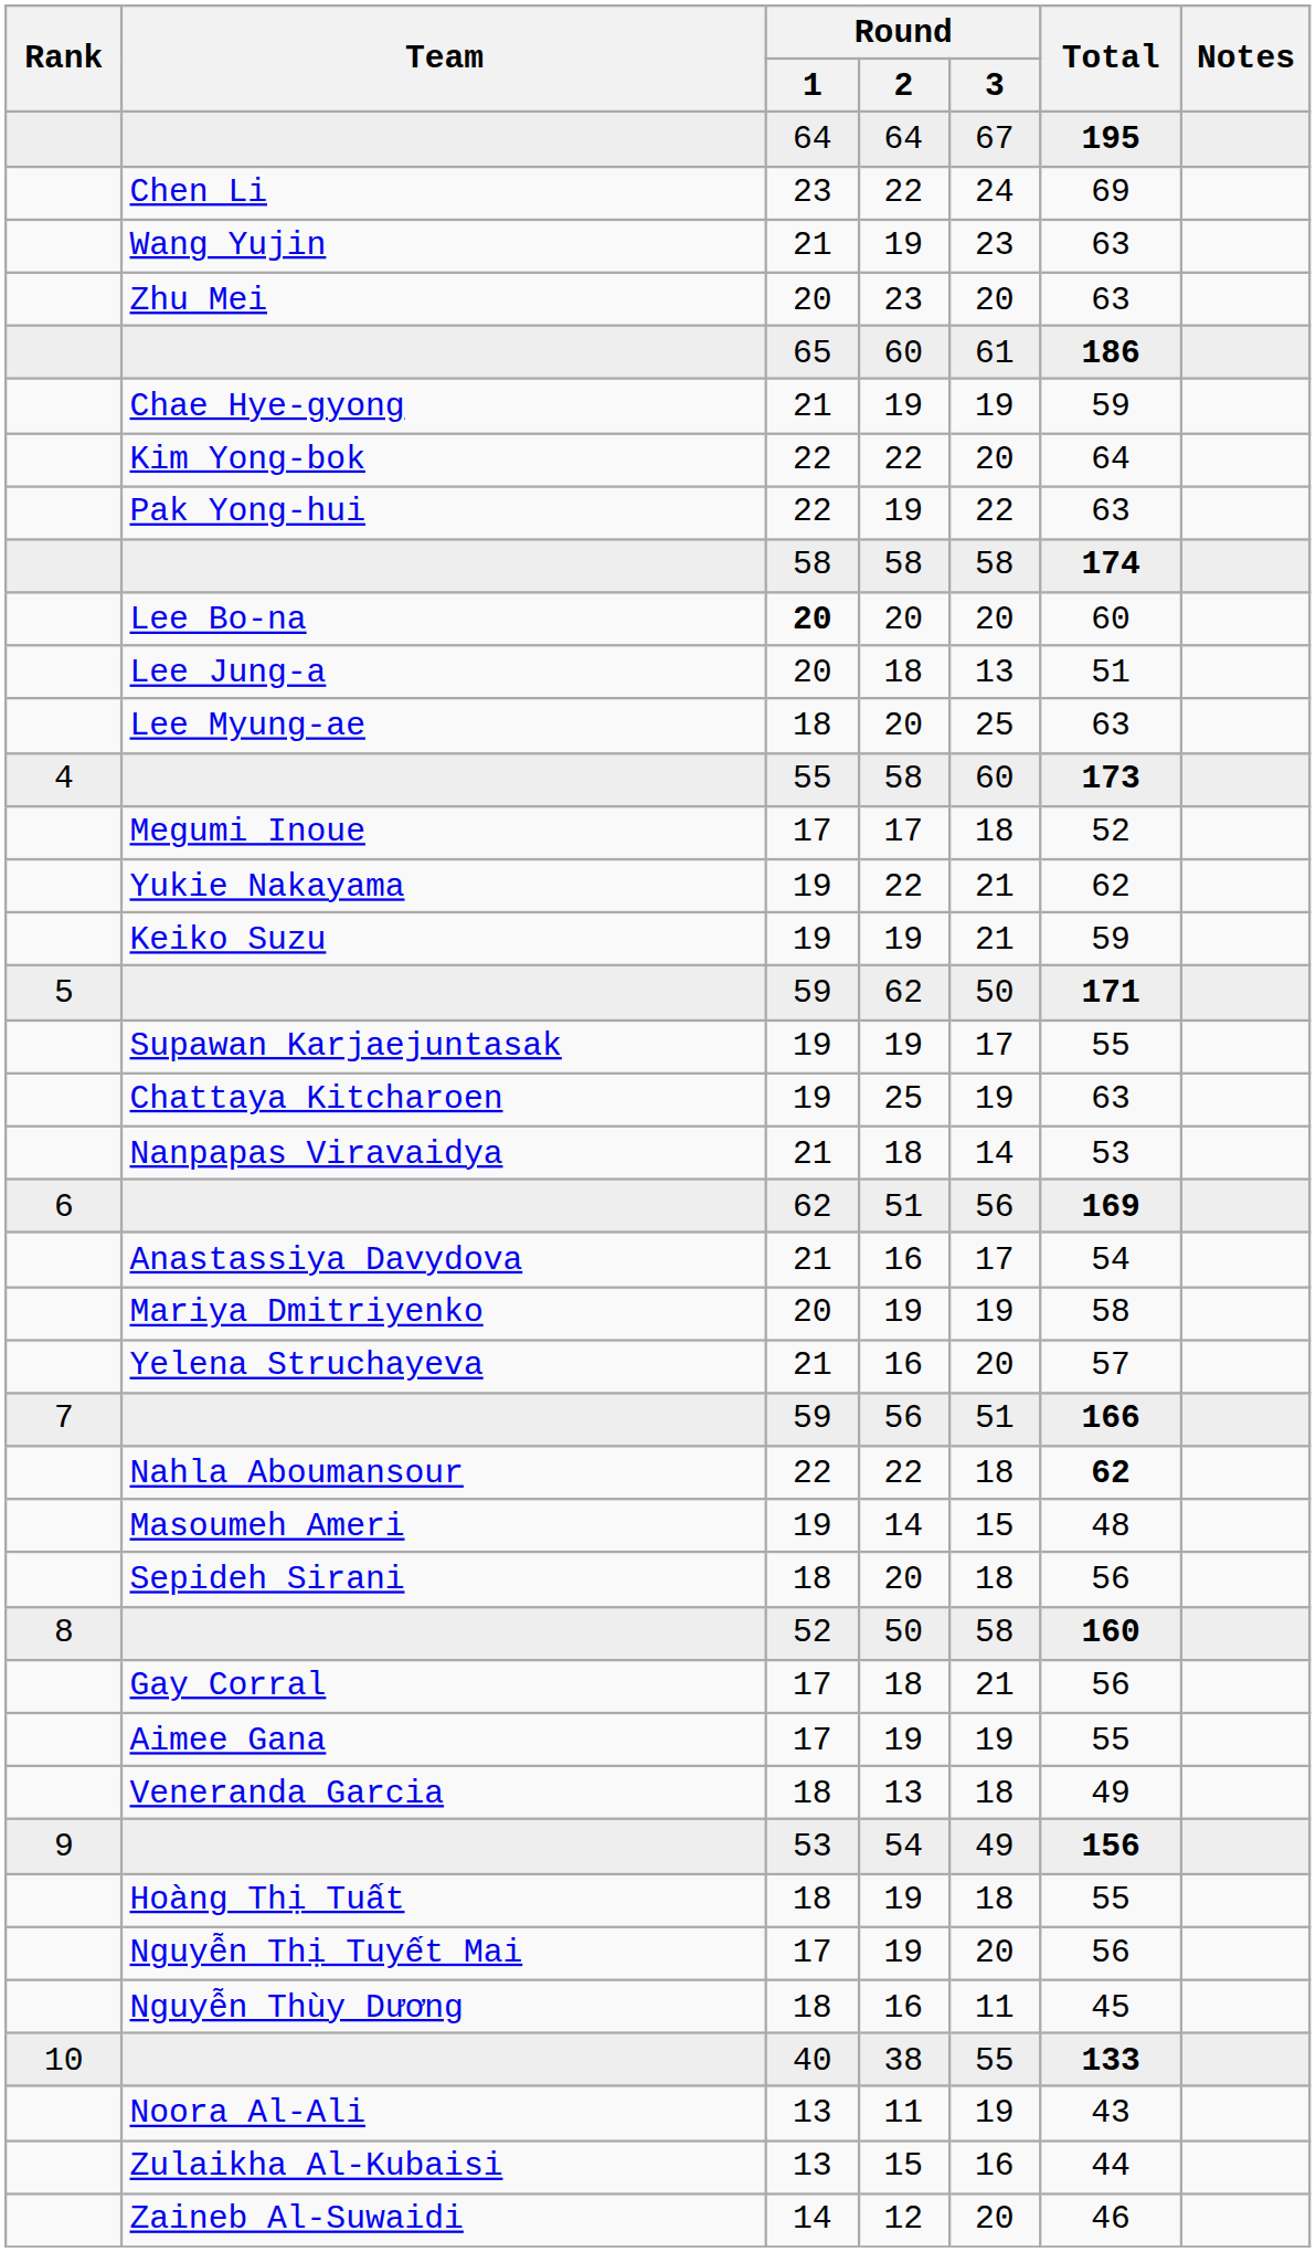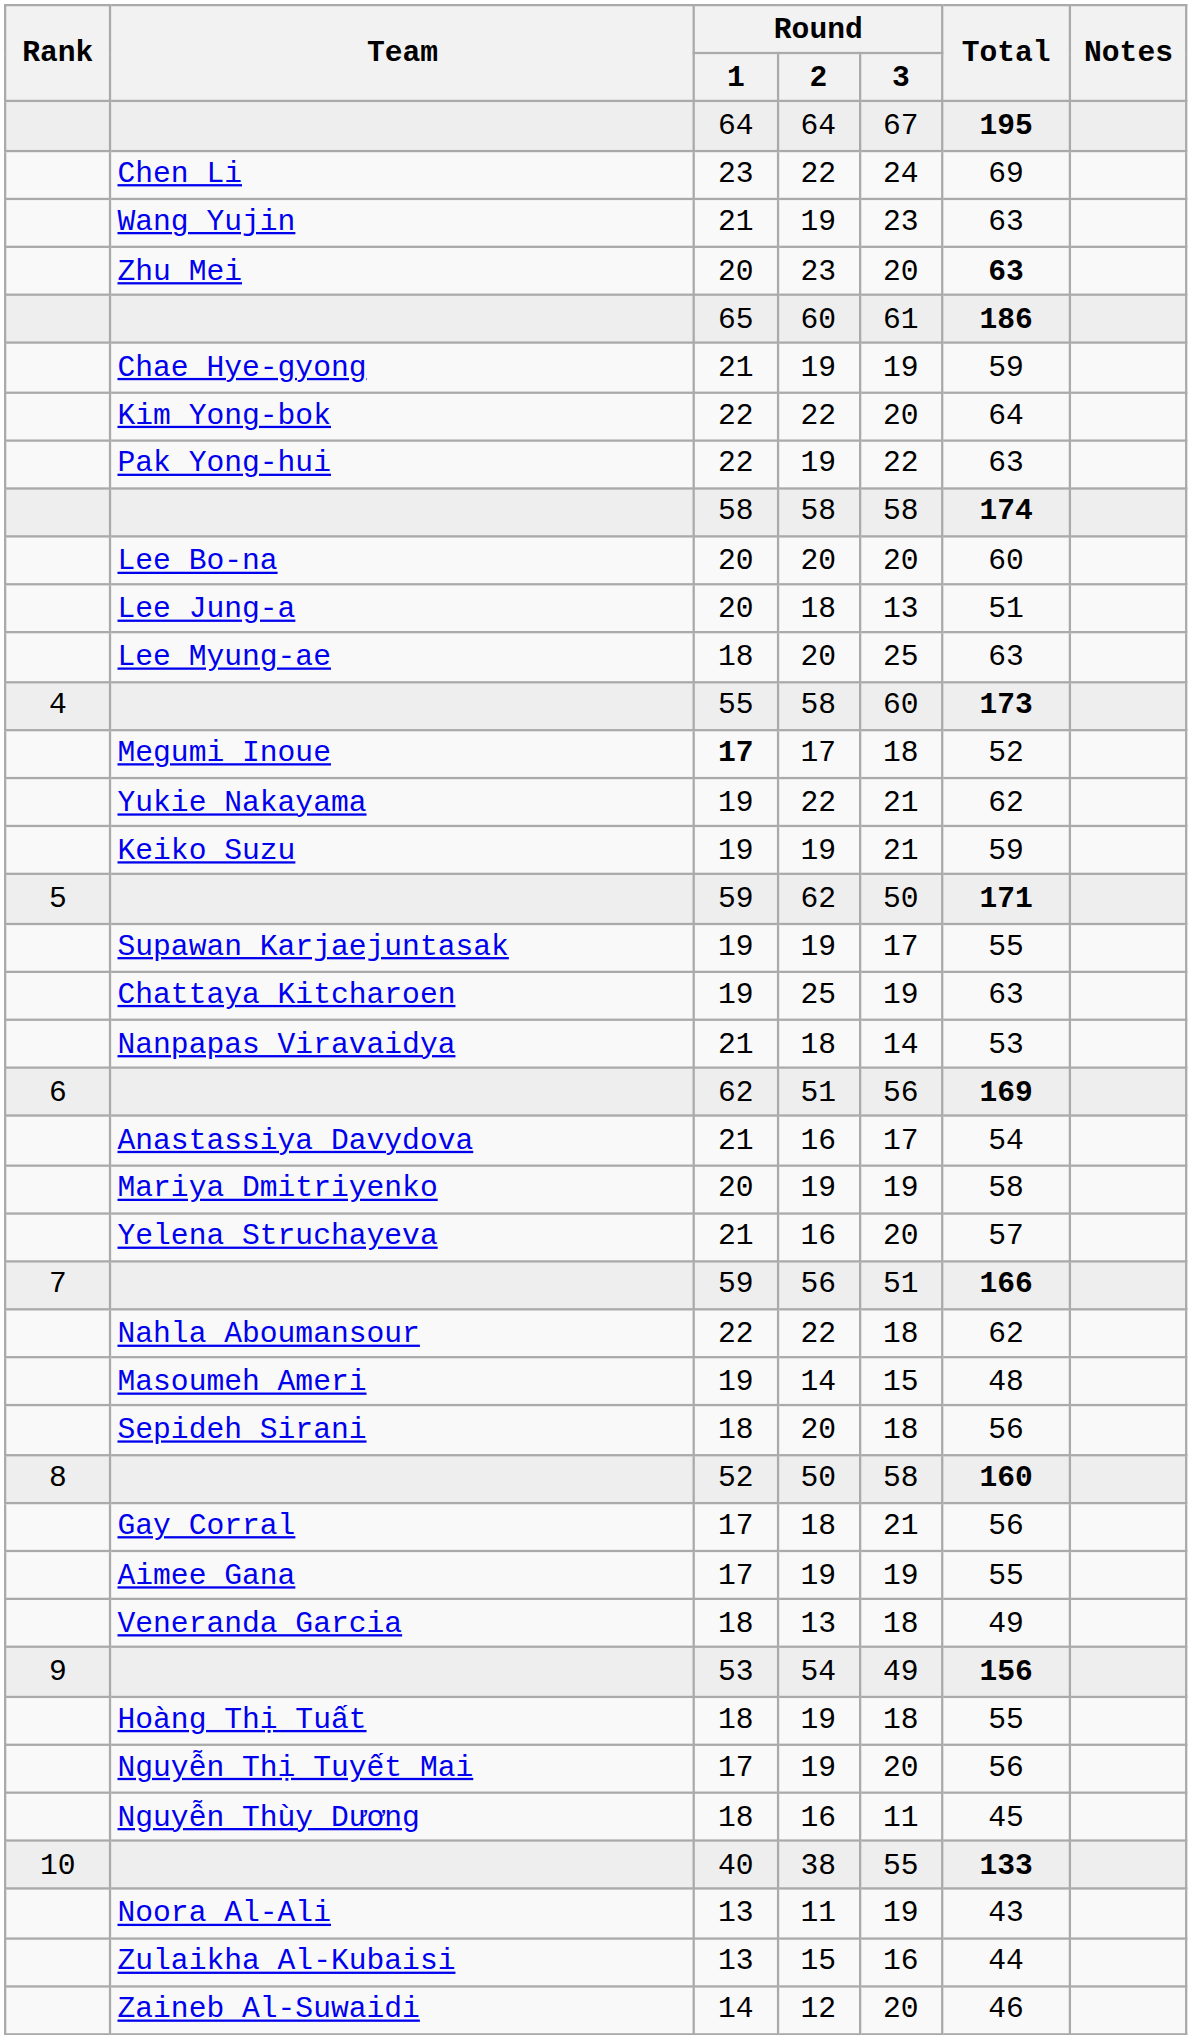 <table class="wikitable" style="text-align:center">
 <tr>
 <th rowspan=2 width=40>Rank</th>
 <th rowspan=2 width=250>Team</th>
 <th colspan=3>Round</th>
 <th rowspan=2 width=50>Total</th>
 <th rowspan=2 width=45>Notes</th>
 </tr>
 <tr>
 <th width=30>1</th>
 <th width=30>2</th>
 <th width=30>3</th>
 </tr>
 <tr bgcolor=eeeeee>
 <td></td>
 <td align=left></td>
 <td>64</td>
 <td>64</td>
 <td>67</td>
 <td><strong>195</strong></td>
 <td></td>
 </tr>
 <tr>
 <td></td>
 <td align=left><a href='#'>Chen Li</a></td>
 <td>23</td>
 <td>22</td>
 <td>24</td>
 <td>69</td>
 <td></td>
 </tr>
 <tr>
 <td></td>
 <td align=left><a href='#'>Wang Yujin</a></td>
 <td>21</td>
 <td>19</td>
 <td>23</td>
 <td>63</td>
 <td></td>
 </tr>
 <tr>
 <td></td>
 <td align=left><a href='#'>Zhu Mei</a></td>
 <td>20</td>
 <td>23</td>
 <td>20</td>
-<td>63</td>
+<td><strong>63</strong></td>
 <td></td>
 </tr>
 <tr bgcolor=eeeeee>
 <td></td>
 <td align=left></td>
 <td>65</td>
 <td>60</td>
 <td>61</td>
 <td><strong>186</strong></td>
 <td></td>
 </tr>
 <tr>
 <td></td>
 <td align=left><a href='#'>Chae Hye-gyong</a></td>
 <td>21</td>
 <td>19</td>
 <td>19</td>
 <td>59</td>
 <td></td>
 </tr>
 <tr>
 <td></td>
 <td align=left><a href='#'>Kim Yong-bok</a></td>
 <td>22</td>
 <td>22</td>
 <td>20</td>
 <td>64</td>
 <td></td>
 </tr>
 <tr>
 <td></td>
 <td align=left><a href='#'>Pak Yong-hui</a></td>
 <td>22</td>
 <td>19</td>
 <td>22</td>
 <td>63</td>
 <td></td>
 </tr>
 <tr bgcolor=eeeeee>
 <td></td>
 <td align=left></td>
 <td>58</td>
 <td>58</td>
 <td>58</td>
 <td><strong>174</strong></td>
 <td></td>
 </tr>
 <tr>
 <td></td>
 <td align=left><a href='#'>Lee Bo-na</a></td>
-<td><strong>20</strong></td>
+<td>20</td>
 <td>20</td>
 <td>20</td>
 <td>60</td>
 <td></td>
 </tr>
 <tr>
 <td></td>
 <td align=left><a href='#'>Lee Jung-a</a></td>
 <td>20</td>
 <td>18</td>
 <td>13</td>
 <td>51</td>
 <td></td>
 </tr>
 <tr>
 <td></td>
 <td align=left><a href='#'>Lee Myung-ae</a></td>
 <td>18</td>
 <td>20</td>
 <td>25</td>
 <td>63</td>
 <td></td>
 </tr>
 <tr bgcolor=eeeeee>
 <td>4</td>
 <td align=left></td>
 <td>55</td>
 <td>58</td>
 <td>60</td>
 <td><strong>173</strong></td>
 <td></td>
 </tr>
 <tr>
 <td></td>
 <td align=left><a href='#'>Megumi Inoue</a></td>
-<td>17</td>
+<td><strong>17</strong></td>
 <td>17</td>
 <td>18</td>
 <td>52</td>
 <td></td>
 </tr>
 <tr>
 <td></td>
 <td align=left><a href='#'>Yukie Nakayama</a></td>
 <td>19</td>
 <td>22</td>
 <td>21</td>
 <td>62</td>
 <td></td>
 </tr>
 <tr>
 <td></td>
 <td align=left><a href='#'>Keiko Suzu</a></td>
 <td>19</td>
 <td>19</td>
 <td>21</td>
 <td>59</td>
 <td></td>
 </tr>
 <tr bgcolor=eeeeee>
 <td>5</td>
 <td align=left></td>
 <td>59</td>
 <td>62</td>
 <td>50</td>
 <td><strong>171</strong></td>
 <td></td>
 </tr>
 <tr>
 <td></td>
 <td align=left><a href='#'>Supawan Karjaejuntasak</a></td>
 <td>19</td>
 <td>19</td>
 <td>17</td>
 <td>55</td>
 <td></td>
 </tr>
 <tr>
 <td></td>
 <td align=left><a href='#'>Chattaya Kitcharoen</a></td>
 <td>19</td>
 <td>25</td>
 <td>19</td>
 <td>63</td>
 <td></td>
 </tr>
 <tr>
 <td></td>
 <td align=left><a href='#'>Nanpapas Viravaidya</a></td>
 <td>21</td>
 <td>18</td>
 <td>14</td>
 <td>53</td>
 <td></td>
 </tr>
 <tr bgcolor=eeeeee>
 <td>6</td>
 <td align=left></td>
 <td>62</td>
 <td>51</td>
 <td>56</td>
 <td><strong>169</strong></td>
 <td></td>
 </tr>
 <tr>
 <td></td>
 <td align=left><a href='#'>Anastassiya Davydova</a></td>
 <td>21</td>
 <td>16</td>
 <td>17</td>
 <td>54</td>
 <td></td>
 </tr>
 <tr>
 <td></td>
 <td align=left><a href='#'>Mariya Dmitriyenko</a></td>
 <td>20</td>
 <td>19</td>
 <td>19</td>
 <td>58</td>
 <td></td>
 </tr>
 <tr>
 <td></td>
 <td align=left><a href='#'>Yelena Struchayeva</a></td>
 <td>21</td>
 <td>16</td>
 <td>20</td>
 <td>57</td>
 <td></td>
 </tr>
 <tr bgcolor=eeeeee>
 <td>7</td>
 <td align=left></td>
 <td>59</td>
 <td>56</td>
 <td>51</td>
 <td><strong>166</strong></td>
 <td></td>
 </tr>
 <tr>
 <td></td>
 <td align=left><a href='#'>Nahla Aboumansour</a></td>
 <td>22</td>
 <td>22</td>
 <td>18</td>
-<td><strong>62</strong></td>
+<td>62</td>
 <td></td>
 </tr>
 <tr>
 <td></td>
 <td align=left><a href='#'>Masoumeh Ameri</a></td>
 <td>19</td>
 <td>14</td>
 <td>15</td>
 <td>48</td>
 <td></td>
 </tr>
 <tr>
 <td></td>
 <td align=left><a href='#'>Sepideh Sirani</a></td>
 <td>18</td>
 <td>20</td>
 <td>18</td>
 <td>56</td>
 <td></td>
 </tr>
 <tr bgcolor=eeeeee>
 <td>8</td>
 <td align=left></td>
 <td>52</td>
 <td>50</td>
 <td>58</td>
 <td><strong>160</strong></td>
 <td></td>
 </tr>
 <tr>
 <td></td>
 <td align=left><a href='#'>Gay Corral</a></td>
 <td>17</td>
 <td>18</td>
 <td>21</td>
 <td>56</td>
 <td></td>
 </tr>
 <tr>
 <td></td>
 <td align=left><a href='#'>Aimee Gana</a></td>
 <td>17</td>
 <td>19</td>
 <td>19</td>
 <td>55</td>
 <td></td>
 </tr>
 <tr>
 <td></td>
 <td align=left><a href='#'>Veneranda Garcia</a></td>
 <td>18</td>
 <td>13</td>
 <td>18</td>
 <td>49</td>
 <td></td>
 </tr>
 <tr bgcolor=eeeeee>
 <td>9</td>
 <td align=left></td>
 <td>53</td>
 <td>54</td>
 <td>49</td>
 <td><strong>156</strong></td>
 <td></td>
 </tr>
 <tr>
 <td></td>
 <td align=left><a href='#'>Hoàng Thị Tuất</a></td>
 <td>18</td>
 <td>19</td>
 <td>18</td>
 <td>55</td>
 <td></td>
 </tr>
 <tr>
 <td></td>
 <td align=left><a href='#'>Nguyễn Thị Tuyết Mai</a></td>
 <td>17</td>
 <td>19</td>
 <td>20</td>
 <td>56</td>
 <td></td>
 </tr>
 <tr>
 <td></td>
 <td align=left><a href='#'>Nguyễn Thùy Dương</a></td>
 <td>18</td>
 <td>16</td>
 <td>11</td>
 <td>45</td>
 <td></td>
 </tr>
 <tr bgcolor=eeeeee>
 <td>10</td>
 <td align=left></td>
 <td>40</td>
 <td>38</td>
 <td>55</td>
 <td><strong>133</strong></td>
 <td></td>
 </tr>
 <tr>
 <td></td>
 <td align=left><a href='#'>Noora Al-Ali</a></td>
 <td>13</td>
 <td>11</td>
 <td>19</td>
 <td>43</td>
 <td></td>
 </tr>
 <tr>
 <td></td>
 <td align=left><a href='#'>Zulaikha Al-Kubaisi</a></td>
 <td>13</td>
 <td>15</td>
 <td>16</td>
 <td>44</td>
 <td></td>
 </tr>
 <tr>
 <td></td>
 <td align=left><a href='#'>Zaineb Al-Suwaidi</a></td>
 <td>14</td>
 <td>12</td>
 <td>20</td>
 <td>46</td>
 <td></td>
 </tr>
 </table>
